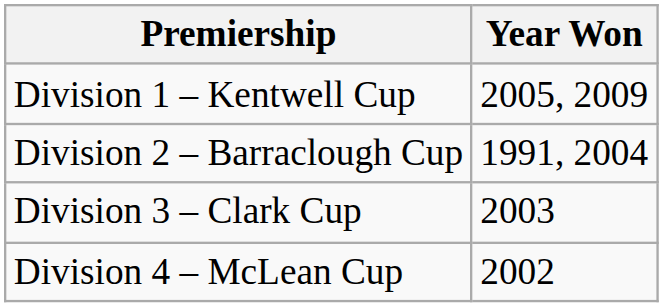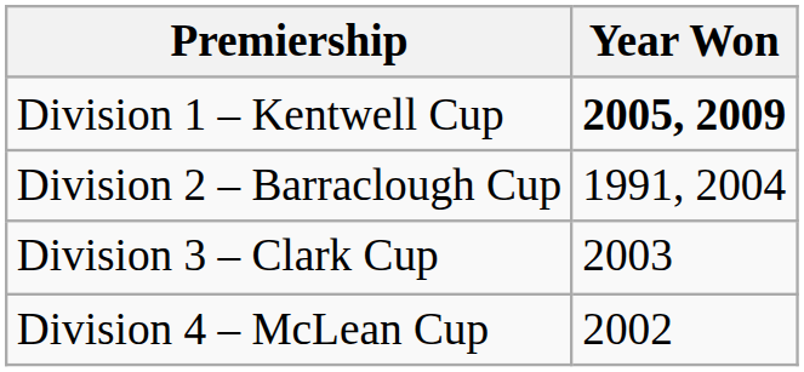 <table class="wikitable">
 <tr>
 <th>Premiership</th>
 <th>Year Won</th>
 </tr>
 <tr>
 <td>Division 1 – Kentwell Cup</td>
-<td>2005, 2009</td>
+<td><strong>2005, 2009</strong></td>
 </tr>
 <tr>
 <td>Division 2 – Barraclough Cup</td>
 <td>1991, 2004</td>
 </tr>
 <tr>
 <td>Division 3 – Clark Cup</td>
 <td>2003</td>
 </tr>
 <tr>
 <td>Division 4 – McLean Cup</td>
 <td>2002</td>
 </tr>
 </table>
